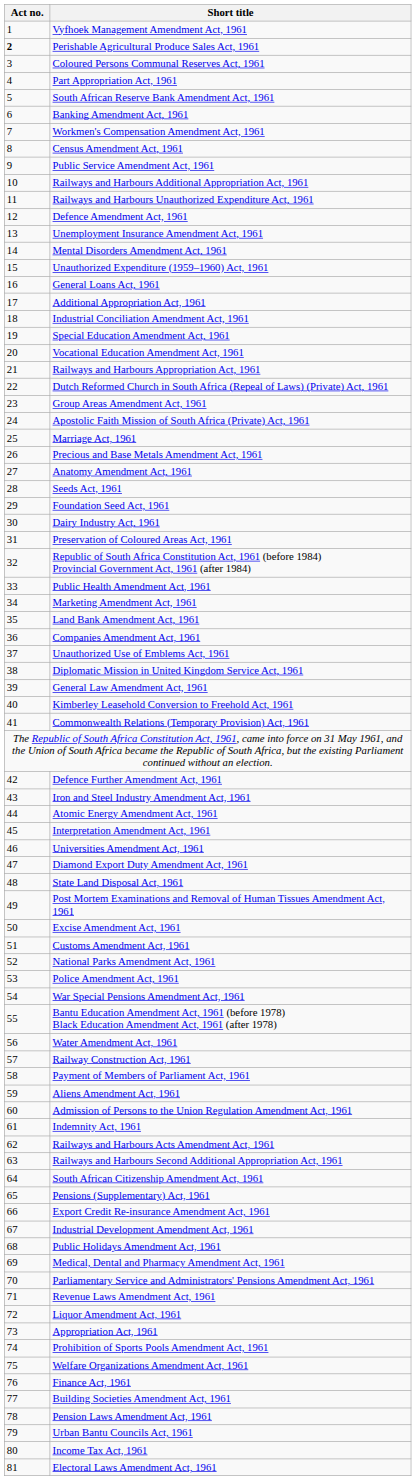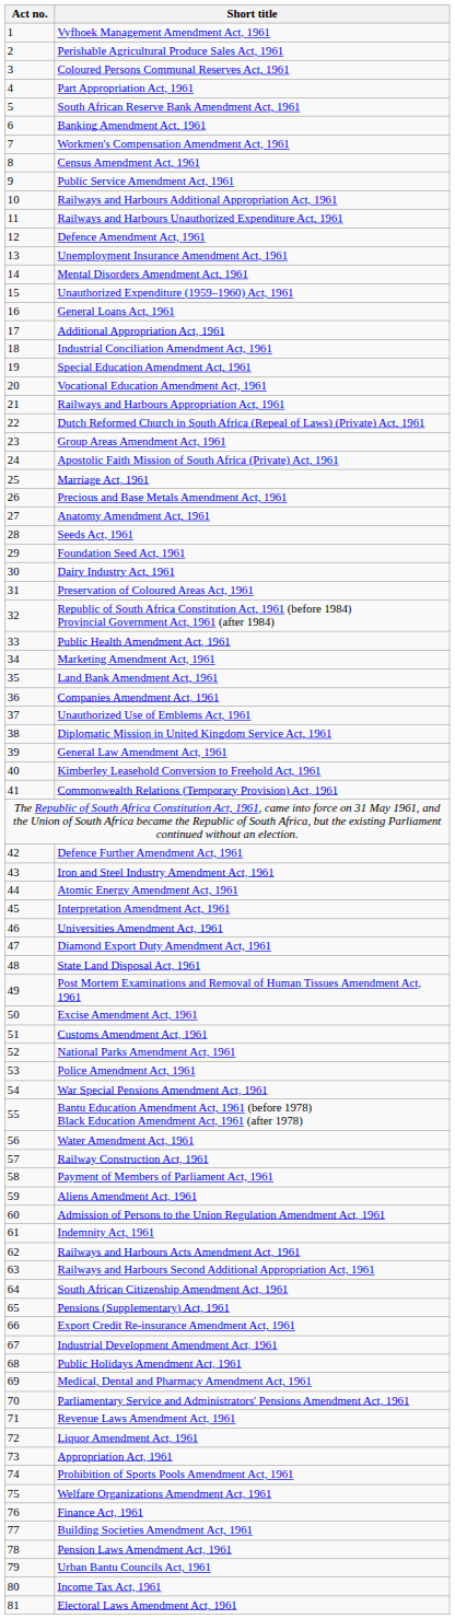 <table class="wikitable sortable">
 <tr>
 <th>Act no.</th>
 <th>Short title</th>
 </tr>
 <tr>
 <td>1</td>
 <td><a href='#'>Vyfhoek Management Amendment Act, 1961</a></td>
 </tr>
 <tr>
-<td><strong>2</strong></td>
+<td>2</td>
 <td><a href='#'>Perishable Agricultural Produce Sales Act, 1961</a></td>
 </tr>
 <tr>
 <td>3</td>
 <td><a href='#'>Coloured Persons Communal Reserves Act, 1961</a></td>
 </tr>
 <tr>
 <td>4</td>
 <td><a href='#'>Part Appropriation Act, 1961</a></td>
 </tr>
 <tr>
 <td>5</td>
 <td><a href='#'>South African Reserve Bank Amendment Act, 1961</a></td>
 </tr>
 <tr>
 <td>6</td>
 <td><a href='#'>Banking Amendment Act, 1961</a></td>
 </tr>
 <tr>
 <td>7</td>
 <td><a href='#'>Workmen's Compensation Amendment Act, 1961</a></td>
 </tr>
 <tr>
 <td>8</td>
 <td><a href='#'>Census Amendment Act, 1961</a></td>
 </tr>
 <tr>
 <td>9</td>
 <td><a href='#'>Public Service Amendment Act, 1961</a></td>
 </tr>
 <tr>
 <td>10</td>
 <td><a href='#'>Railways and Harbours Additional Appropriation Act, 1961</a></td>
 </tr>
 <tr>
 <td>11</td>
 <td><a href='#'>Railways and Harbours Unauthorized Expenditure Act, 1961</a></td>
 </tr>
 <tr>
 <td>12</td>
 <td><a href='#'>Defence Amendment Act, 1961</a></td>
 </tr>
 <tr>
 <td>13</td>
 <td><a href='#'>Unemployment Insurance Amendment Act, 1961</a></td>
 </tr>
 <tr>
 <td>14</td>
 <td><a href='#'>Mental Disorders Amendment Act, 1961</a></td>
 </tr>
 <tr>
 <td>15</td>
 <td><a href='#'>Unauthorized Expenditure (1959–1960) Act, 1961</a></td>
 </tr>
 <tr>
 <td>16</td>
 <td><a href='#'>General Loans Act, 1961</a></td>
 </tr>
 <tr>
 <td>17</td>
 <td><a href='#'>Additional Appropriation Act, 1961</a></td>
 </tr>
 <tr>
 <td>18</td>
 <td><a href='#'>Industrial Conciliation Amendment Act, 1961</a></td>
 </tr>
 <tr>
 <td>19</td>
 <td><a href='#'>Special Education Amendment Act, 1961</a></td>
 </tr>
 <tr>
 <td>20</td>
 <td><a href='#'>Vocational Education Amendment Act, 1961</a></td>
 </tr>
 <tr>
 <td>21</td>
 <td><a href='#'>Railways and Harbours Appropriation Act, 1961</a></td>
 </tr>
 <tr>
 <td>22</td>
 <td><a href='#'>Dutch Reformed Church in South Africa (Repeal of Laws) (Private) Act, 1961</a></td>
 </tr>
 <tr>
 <td>23</td>
 <td><a href='#'>Group Areas Amendment Act, 1961</a></td>
 </tr>
 <tr>
 <td>24</td>
 <td><a href='#'>Apostolic Faith Mission of South Africa (Private) Act, 1961</a></td>
 </tr>
 <tr>
 <td>25</td>
 <td><a href='#'>Marriage Act, 1961</a></td>
 </tr>
 <tr>
 <td>26</td>
 <td><a href='#'>Precious and Base Metals Amendment Act, 1961</a></td>
 </tr>
 <tr>
 <td>27</td>
 <td><a href='#'>Anatomy Amendment Act, 1961</a></td>
 </tr>
 <tr>
 <td>28</td>
 <td><a href='#'>Seeds Act, 1961</a></td>
 </tr>
 <tr>
 <td>29</td>
 <td><a href='#'>Foundation Seed Act, 1961</a></td>
 </tr>
 <tr>
 <td>30</td>
 <td><a href='#'>Dairy Industry Act, 1961</a></td>
 </tr>
 <tr>
 <td>31</td>
 <td><a href='#'>Preservation of Coloured Areas Act, 1961</a></td>
 </tr>
 <tr>
 <td>32</td>
 <td><a href='#'>Republic of South Africa Constitution Act, 1961</a> (before 1984) <br><a href='#'>Provincial Government Act, 1961</a> (after 1984)</td>
 </tr>
 <tr>
 <td>33</td>
 <td><a href='#'>Public Health Amendment Act, 1961</a></td>
 </tr>
 <tr>
 <td>34</td>
 <td><a href='#'>Marketing Amendment Act, 1961</a></td>
 </tr>
 <tr>
 <td>35</td>
 <td><a href='#'>Land Bank Amendment Act, 1961</a></td>
 </tr>
 <tr>
 <td>36</td>
 <td><a href='#'>Companies Amendment Act, 1961</a></td>
 </tr>
 <tr>
 <td>37</td>
 <td><a href='#'>Unauthorized Use of Emblems Act, 1961</a></td>
 </tr>
 <tr>
 <td>38</td>
 <td><a href='#'>Diplomatic Mission in United Kingdom Service Act, 1961</a></td>
 </tr>
 <tr>
 <td>39</td>
 <td><a href='#'>General Law Amendment Act, 1961</a></td>
 </tr>
 <tr>
 <td>40</td>
 <td><a href='#'>Kimberley Leasehold Conversion to Freehold Act, 1961</a></td>
 </tr>
 <tr>
 <td>41</td>
 <td><a href='#'>Commonwealth Relations (Temporary Provision) Act, 1961</a></td>
 </tr>
 <tr>
 <td colspan=2 align=center><em>The <a href='#'>Republic of South Africa Constitution Act, 1961</a>, came into force on 31 May 1961, and the Union of South Africa became the Republic of South Africa, but the existing Parliament continued without an election.</em></td>
 </tr>
 <tr>
 <td>42</td>
 <td><a href='#'>Defence Further Amendment Act, 1961</a></td>
 </tr>
 <tr>
 <td>43</td>
 <td><a href='#'>Iron and Steel Industry Amendment Act, 1961</a></td>
 </tr>
 <tr>
 <td>44</td>
 <td><a href='#'>Atomic Energy Amendment Act, 1961</a></td>
 </tr>
 <tr>
 <td>45</td>
 <td><a href='#'>Interpretation Amendment Act, 1961</a></td>
 </tr>
 <tr>
 <td>46</td>
 <td><a href='#'>Universities Amendment Act, 1961</a></td>
 </tr>
 <tr>
 <td>47</td>
 <td><a href='#'>Diamond Export Duty Amendment Act, 1961</a></td>
 </tr>
 <tr>
 <td>48</td>
 <td><a href='#'>State Land Disposal Act, 1961</a></td>
 </tr>
 <tr>
 <td>49</td>
 <td><a href='#'>Post Mortem Examinations and Removal of Human Tissues Amendment Act, 1961</a></td>
 </tr>
 <tr>
 <td>50</td>
 <td><a href='#'>Excise Amendment Act, 1961</a></td>
 </tr>
 <tr>
 <td>51</td>
 <td><a href='#'>Customs Amendment Act, 1961</a></td>
 </tr>
 <tr>
 <td>52</td>
 <td><a href='#'>National Parks Amendment Act, 1961</a></td>
 </tr>
 <tr>
 <td>53</td>
 <td><a href='#'>Police Amendment Act, 1961</a></td>
 </tr>
 <tr>
 <td>54</td>
 <td><a href='#'>War Special Pensions Amendment Act, 1961</a></td>
 </tr>
 <tr>
 <td>55</td>
 <td><a href='#'>Bantu Education Amendment Act, 1961</a> (before 1978) <br><a href='#'>Black Education Amendment Act, 1961</a> (after 1978)</td>
 </tr>
 <tr>
 <td>56</td>
 <td><a href='#'>Water Amendment Act, 1961</a></td>
 </tr>
 <tr>
 <td>57</td>
 <td><a href='#'>Railway Construction Act, 1961</a></td>
 </tr>
 <tr>
 <td>58</td>
 <td><a href='#'>Payment of Members of Parliament Act, 1961</a></td>
 </tr>
 <tr>
 <td>59</td>
 <td><a href='#'>Aliens Amendment Act, 1961</a></td>
 </tr>
 <tr>
 <td>60</td>
 <td><a href='#'>Admission of Persons to the Union Regulation Amendment Act, 1961</a></td>
 </tr>
 <tr>
 <td>61</td>
 <td><a href='#'>Indemnity Act, 1961</a></td>
 </tr>
 <tr>
 <td>62</td>
 <td><a href='#'>Railways and Harbours Acts Amendment Act, 1961</a></td>
 </tr>
 <tr>
 <td>63</td>
 <td><a href='#'>Railways and Harbours Second Additional Appropriation Act, 1961</a></td>
 </tr>
 <tr>
 <td>64</td>
 <td><a href='#'>South African Citizenship Amendment Act, 1961</a></td>
 </tr>
 <tr>
 <td>65</td>
 <td><a href='#'>Pensions (Supplementary) Act, 1961</a></td>
 </tr>
 <tr>
 <td>66</td>
 <td><a href='#'>Export Credit Re-insurance Amendment Act, 1961</a></td>
 </tr>
 <tr>
 <td>67</td>
 <td><a href='#'>Industrial Development Amendment Act, 1961</a></td>
 </tr>
 <tr>
 <td>68</td>
 <td><a href='#'>Public Holidays Amendment Act, 1961</a></td>
 </tr>
 <tr>
 <td>69</td>
 <td><a href='#'>Medical, Dental and Pharmacy Amendment Act, 1961</a></td>
 </tr>
 <tr>
 <td>70</td>
 <td><a href='#'>Parliamentary Service and Administrators' Pensions Amendment Act, 1961</a></td>
 </tr>
 <tr>
 <td>71</td>
 <td><a href='#'>Revenue Laws Amendment Act, 1961</a></td>
 </tr>
 <tr>
 <td>72</td>
 <td><a href='#'>Liquor Amendment Act, 1961</a></td>
 </tr>
 <tr>
 <td>73</td>
 <td><a href='#'>Appropriation Act, 1961</a></td>
 </tr>
 <tr>
 <td>74</td>
 <td><a href='#'>Prohibition of Sports Pools Amendment Act, 1961</a></td>
 </tr>
 <tr>
 <td>75</td>
 <td><a href='#'>Welfare Organizations Amendment Act, 1961</a></td>
 </tr>
 <tr>
 <td>76</td>
 <td><a href='#'>Finance Act, 1961</a></td>
 </tr>
 <tr>
 <td>77</td>
 <td><a href='#'>Building Societies Amendment Act, 1961</a></td>
 </tr>
 <tr>
 <td>78</td>
 <td><a href='#'>Pension Laws Amendment Act, 1961</a></td>
 </tr>
 <tr>
 <td>79</td>
 <td><a href='#'>Urban Bantu Councils Act, 1961</a></td>
 </tr>
 <tr>
 <td>80</td>
 <td><a href='#'>Income Tax Act, 1961</a></td>
 </tr>
 <tr>
 <td>81</td>
 <td><a href='#'>Electoral Laws Amendment Act, 1961</a></td>
 </tr>
 </table>
